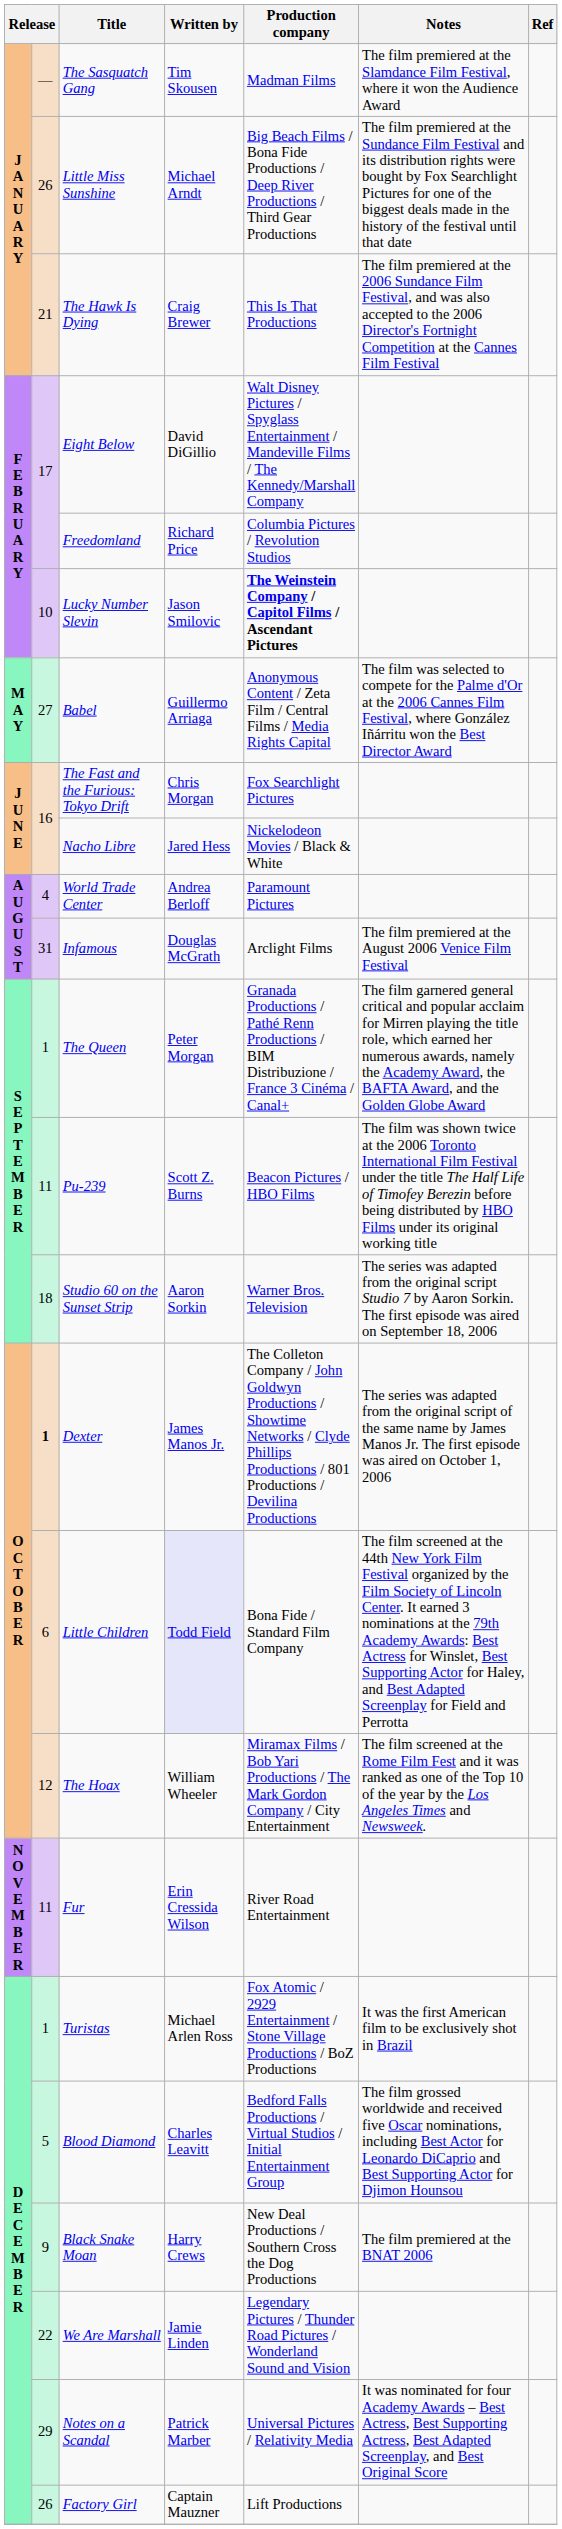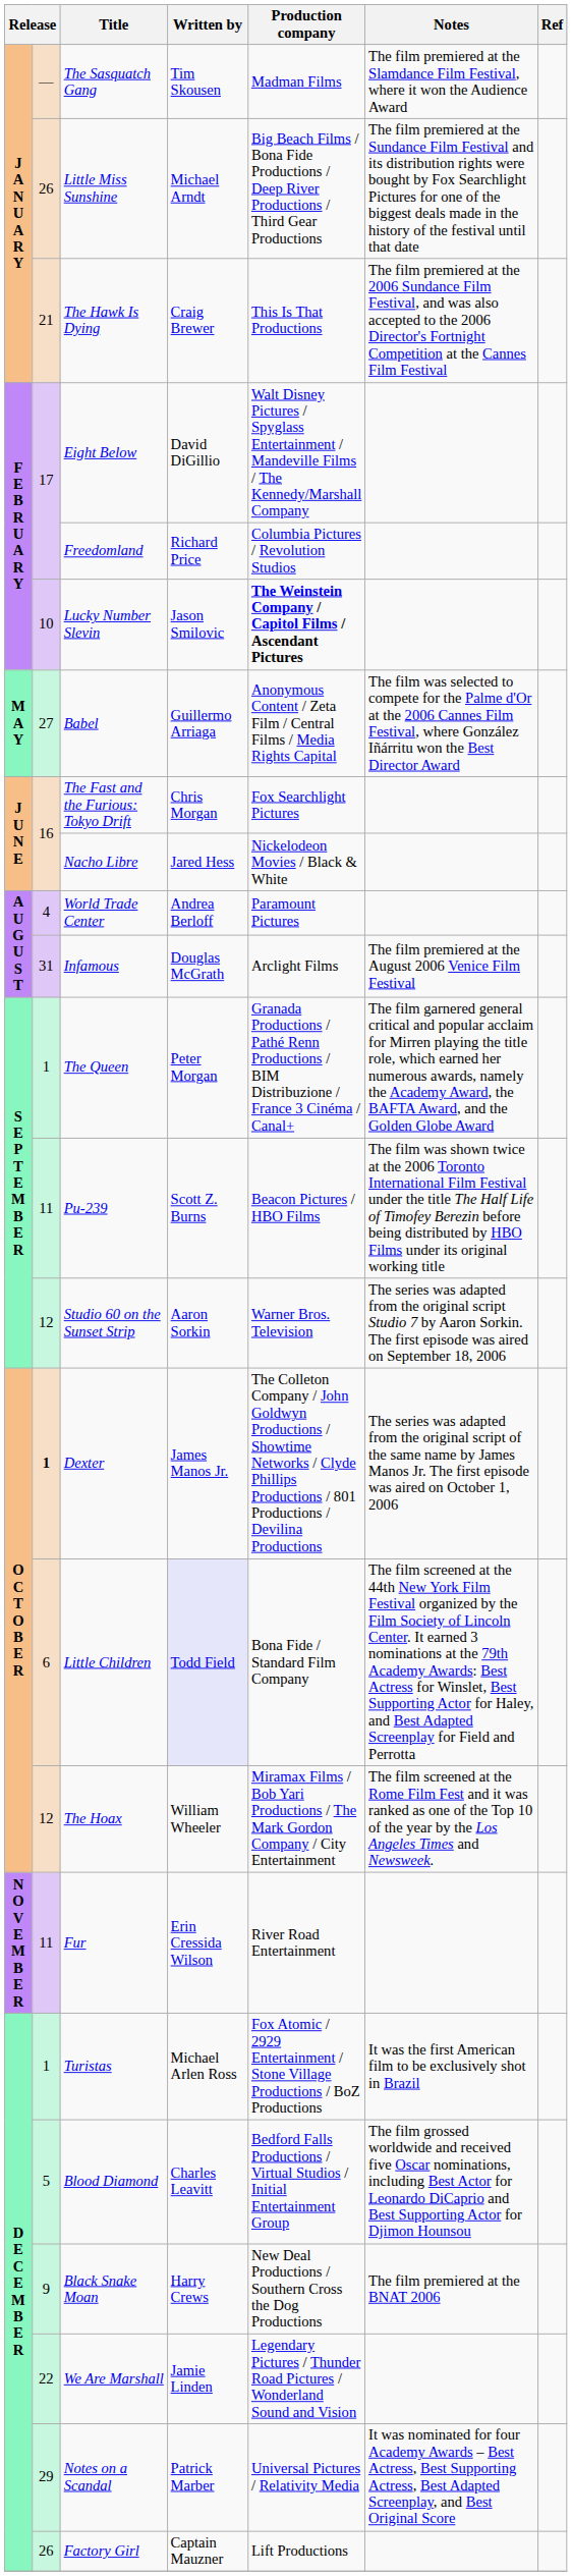 <table class="wikitable sortable">
 <tr style="background:#b0e0e6; text-align:center"y>
 <th colspan="2" style="width:10%">Release</th>
 <th style="width:20%">Title</th>
 <th style="width:15%">Written by</th>
 <th style="width:20%">Production company</th>
 <th style="width:40%">Notes</th>
 <th>Ref</th>
 </tr>
 <tr>
 <th rowspan="3" style="text-align:center; background:#f7bf87; text color:#000;">J<br>A<br>N<br>U<br>A<br>R<br>Y</th>
 <td rowspan="1" style="text-align:center; background:#f7dfc7">—</td>
 <td><em><a href='#'>The Sasquatch Gang</a></em></td>
 <td><a href='#'>Tim Skousen</a></td>
 <td><a href='#'>Madman Films</a></td>
 <td>The film premiered at the <a href='#'>Slamdance Film Festival</a>, where it won the Audience Award</td>
 <td></td>
 </tr>
 <tr>
 <td rowspan="1" style="text-align:center; background:#f7dfc7">26</td>
 <td><em><a href='#'>Little Miss Sunshine</a></em></td>
 <td><a href='#'>Michael Arndt</a></td>
 <td><a href='#'>Big Beach Films</a> / Bona Fide Productions / <a href='#'>Deep River Productions</a> / Third Gear Productions</td>
 <td>The film premiered at the <a href='#'>Sundance Film Festival</a> and its distribution rights were bought by Fox Searchlight Pictures for one of the biggest deals made in the history of the festival until that date</td>
 <td></td>
 </tr>
 <tr>
 <td rowspan="1" style="text-align:center; background:#f7dfc7">21</td>
 <td><em><a href='#'>The Hawk Is Dying</a></em></td>
 <td><a href='#'>Craig Brewer</a></td>
 <td><a href='#'>This Is That Productions</a></td>
 <td>The film premiered at the <a href='#'>2006 Sundance Film Festival</a>, and was also accepted to the 2006 <a href='#'>Director's Fortnight Competition</a> at the <a href='#'>Cannes Film Festival</a></td>
 <td></td>
 </tr>
 <tr>
 <th rowspan="3" style="text-align:center; background:#bf87f7; textcolor:#000;">F<br>E<br>B<br>R<br>U<br>A<br>R<br>Y</th>
 <td rowspan="2" style="text-align:center; background:#dfc7f7">17</td>
 <td><em><a href='#'>Eight Below</a></em></td>
 <td>David DiGillio</td>
 <td><a href='#'>Walt Disney Pictures</a> / <a href='#'>Spyglass Entertainment</a> / <a href='#'>Mandeville Films</a> / <a href='#'>The Kennedy/Marshall Company</a></td>
 <td></td>
 <td></td>
 </tr>
 <tr>
 <td><em><a href='#'>Freedomland</a></em></td>
 <td><a href='#'>Richard Price</a></td>
 <td><a href='#'>Columbia Pictures</a> / <a href='#'>Revolution Studios</a></td>
 <td></td>
 <td></td>
 </tr>
 <tr>
 <td rowspan="1" style="text-align:center; background:#dfc7f7">10</td>
 <td><em><a href='#'>Lucky Number Slevin</a></em></td>
 <td><a href='#'>Jason Smilovic</a></td>
 <td><strong><a href='#'>The Weinstein Company</a> / <a href='#'>Capitol Films</a> / Ascendant Pictures</strong></td>
 <td></td>
 <td></td>
 </tr>
 <tr>
 <th rowspan="1" style="text-align:center; background:#87f7bf; textcolor:#000;">M<br>A<br>Y</th>
 <td rowspan="1" style="text-align:center; background:#c7f7df">27</td>
 <td><em><a href='#'>Babel</a></em></td>
 <td><a href='#'>Guillermo Arriaga</a></td>
 <td><a href='#'>Anonymous Content</a> / Zeta Film / Central Films / <a href='#'>Media Rights Capital</a></td>
 <td>The film was selected to compete for the <a href='#'>Palme d'Or</a> at the <a href='#'>2006 Cannes Film Festival</a>, where González Iñárritu won the <a href='#'>Best Director Award</a></td>
 <td></td>
 </tr>
 <tr>
 <th rowspan="2" style="text-align:center; background:#f7bf87; textcolor:#000;">J<br>U<br>N<br>E</th>
 <td rowspan="2" style="text-align:center; background:#f7dfc7">16</td>
 <td><em><a href='#'>The Fast and the Furious: Tokyo Drift</a></em></td>
 <td><a href='#'>Chris Morgan</a></td>
 <td><a href='#'>Fox Searchlight Pictures</a></td>
 <td></td>
 <td></td>
 </tr>
 <tr>
 <td><em><a href='#'>Nacho Libre</a></em></td>
 <td><a href='#'>Jared Hess</a></td>
 <td><a href='#'>Nickelodeon Movies</a> / Black & White</td>
 <td></td>
 <td></td>
 </tr>
 <tr>
 <th rowspan="2" style="text-align:center; background:#bf87f7; textcolor:#000;">A<br>U<br>G<br>U<br>S<br>T</th>
 <td rowspan="1" style="text-align:center; background:#dfc7f7">4</td>
 <td><em><a href='#'>World Trade Center</a></em></td>
 <td><a href='#'>Andrea Berloff</a></td>
 <td><a href='#'>Paramount Pictures</a></td>
 <td></td>
 <td></td>
 </tr>
 <tr>
 <td rowspan="1" style="text-align:center; background:#dfc7f7">31</td>
 <td><em><a href='#'>Infamous</a></em></td>
 <td><a href='#'>Douglas McGrath</a></td>
 <td>Arclight Films</td>
 <td>The film premiered at the August 2006 <a href='#'>Venice Film Festival</a></td>
 <td></td>
 </tr>
 <tr>
 <th rowspan="3" style="text-align:center; background:#87f7bf; textcolor:#000;">S<br>E<br>P<br>T<br>E<br>M<br>B<br>E<br>R</th>
 <td rowspan="1" style="text-align:center; background:#c7f7df">1</td>
 <td><em><a href='#'>The Queen</a></em></td>
 <td><a href='#'>Peter Morgan</a></td>
 <td><a href='#'>Granada Productions</a> / <a href='#'>Pathé Renn Productions</a> / BIM Distribuzione / <a href='#'>France 3 Cinéma</a> / <a href='#'>Canal+</a></td>
 <td>The film garnered general critical and popular acclaim for Mirren playing the title role, which earned her numerous awards, namely the <a href='#'>Academy Award</a>, the <a href='#'>BAFTA Award</a>, and the <a href='#'>Golden Globe Award</a></td>
 <td></td>
 </tr>
 <tr>
 <td rowspan="1" style="text-align:center; background:#c7f7df">11</td>
 <td><em><a href='#'>Pu-239</a></em></td>
 <td><a href='#'>Scott Z. Burns</a></td>
 <td><a href='#'>Beacon Pictures</a> / <a href='#'>HBO Films</a></td>
 <td>The film was shown twice at the 2006 <a href='#'>Toronto International Film Festival</a> under the title <em>The Half Life of Timofey Berezin</em> before being distributed by <a href='#'>HBO Films</a> under its original working title</td>
 <td></td>
 </tr>
 <tr>
-<td rowspan="1" style="text-align:center; background:#c7f7df">18</td>
+<td rowspan="1" style="text-align:center; background:#c7f7df">12</td>
 <td><em><a href='#'>Studio 60 on the Sunset Strip</a></em></td>
 <td><a href='#'>Aaron Sorkin</a></td>
 <td><a href='#'>Warner Bros. Television</a></td>
 <td>The series was adapted from the original script <em>Studio 7</em> by Aaron Sorkin. The first episode was aired on September 18, 2006</td>
 <td></td>
 </tr>
 <tr>
 <th rowspan="3" style="text-align:center; background:#f7bf87; text color:#000;">O<br>C<br>T<br>O<br>B<br>E<br>R</th>
 <td rowspan="1" style="text-align:center; background:#f7dfc7"><strong>1</strong></td>
 <td><em><a href='#'>Dexter</a></em></td>
 <td><a href='#'>James Manos Jr.</a></td>
 <td>The Colleton Company / <a href='#'>John Goldwyn Productions</a> / <a href='#'>Showtime Networks</a> / <a href='#'>Clyde Phillips Productions</a> / 801 Productions / <a href='#'>Devilina Productions</a></td>
 <td>The series was adapted from the original script of the same name by James Manos Jr. The first episode was aired on October 1, 2006</td>
 <td></td>
 </tr>
 <tr>
 <td rowspan="1" style="text-align:center; background:#f7dfc7">6</td>
 <td><em><a href='#'>Little Children</a></em></td>
 <td style="background: lavender;"><a href='#'>Todd Field</a></td>
 <td>Bona Fide / Standard Film Company</td>
 <td>The film screened at the 44th <a href='#'>New York Film Festival</a> organized by the <a href='#'>Film Society of Lincoln Center</a>. It earned 3 nominations at the <a href='#'>79th Academy Awards</a>: <a href='#'>Best Actress</a> for Winslet, <a href='#'>Best Supporting Actor</a> for Haley, and <a href='#'>Best Adapted Screenplay</a> for Field and Perrotta</td>
 <td></td>
 </tr>
 <tr>
 <td rowspan="1" style="text-align:center; background:#f7dfc7">12</td>
 <td><em><a href='#'>The Hoax</a></em></td>
 <td>William Wheeler</td>
 <td><a href='#'>Miramax Films</a> / <a href='#'>Bob Yari Productions</a> / <a href='#'>The Mark Gordon Company</a> / City Entertainment</td>
 <td>The film screened at the <a href='#'>Rome Film Fest</a> and it was ranked as one of the Top 10 of the year by the <em><a href='#'>Los Angeles Times</a></em> and <em><a href='#'>Newsweek</a>.</em></td>
 <td></td>
 </tr>
 <tr>
 <th rowspan="1" style="text-align:center; background:#bf87f7; textcolor:#000;">N<br>O<br>V<br>E<br>M<br>B<br>E<br>R</th>
 <td rowspan="1" style="text-align:center; background:#dfc7f7">11</td>
 <td><em><a href='#'>Fur</a></em></td>
 <td><a href='#'>Erin Cressida Wilson</a></td>
 <td>River Road Entertainment</td>
 <td></td>
 <td></td>
 </tr>
 <tr>
 <th rowspan="6" style="text-align:center; background:#87f7bf; textcolor:#000;">D<br>E<br>C<br>E<br>M<br>B<br>E<br>R</th>
 <td rowspan="1" style="text-align:center; background:#c7f7df">1</td>
 <td><em><a href='#'>Turistas</a></em></td>
 <td>Michael Arlen Ross</td>
 <td><a href='#'>Fox Atomic</a> / <a href='#'>2929 Entertainment</a> / <a href='#'>Stone Village Productions</a> / BoZ Productions</td>
 <td>It was the first American film to be exclusively shot in <a href='#'>Brazil</a></td>
 <td></td>
 </tr>
 <tr>
 <td rowspan="1" style="text-align:center; background:#c7f7df">5</td>
 <td><em><a href='#'>Blood Diamond</a></em></td>
 <td><a href='#'>Charles Leavitt</a></td>
 <td><a href='#'>Bedford Falls Productions</a> / <a href='#'>Virtual Studios</a> / <a href='#'>Initial Entertainment Group</a></td>
 <td>The film grossed  worldwide and received five <a href='#'>Oscar</a> nominations, including <a href='#'>Best Actor</a> for <a href='#'>Leonardo DiCaprio</a> and <a href='#'>Best Supporting Actor</a> for <a href='#'>Djimon Hounsou</a></td>
 <td></td>
 </tr>
 <tr>
 <td rowspan="1" style="text-align:center; background:#c7f7df">9</td>
 <td><em><a href='#'>Black Snake Moan</a></em></td>
 <td><a href='#'>Harry Crews</a></td>
 <td>New Deal Productions / Southern Cross the Dog Productions</td>
 <td>The film premiered at the <a href='#'>BNAT 2006</a></td>
 <td></td>
 </tr>
 <tr>
 <td rowspan="1" style="text-align:center; background:#c7f7df">22</td>
 <td><em><a href='#'>We Are Marshall</a></em></td>
 <td><a href='#'>Jamie Linden</a></td>
 <td><a href='#'>Legendary Pictures</a> / <a href='#'>Thunder Road Pictures</a> / <a href='#'>Wonderland Sound and Vision</a></td>
 <td></td>
 <td></td>
 </tr>
 <tr>
 <td rowspan="1" style="text-align:center; background:#c7f7df">29</td>
 <td><em><a href='#'>Notes on a Scandal</a></em></td>
 <td><a href='#'>Patrick Marber</a></td>
 <td><a href='#'>Universal Pictures</a> / <a href='#'>Relativity Media</a></td>
 <td>It was nominated for four <a href='#'>Academy Awards</a> – <a href='#'>Best Actress</a>, <a href='#'>Best Supporting Actress</a>, <a href='#'>Best Adapted Screenplay</a>, and <a href='#'>Best Original Score</a></td>
 <td></td>
 </tr>
 <tr>
 <td rowspan="1" style="text-align:center; background:#c7f7df">26</td>
 <td><em><a href='#'>Factory Girl</a></em></td>
 <td>Captain Mauzner</td>
 <td>Lift Productions</td>
 <td></td>
 <td></td>
 </tr>
 <tr>
 </tr>
 </table>
